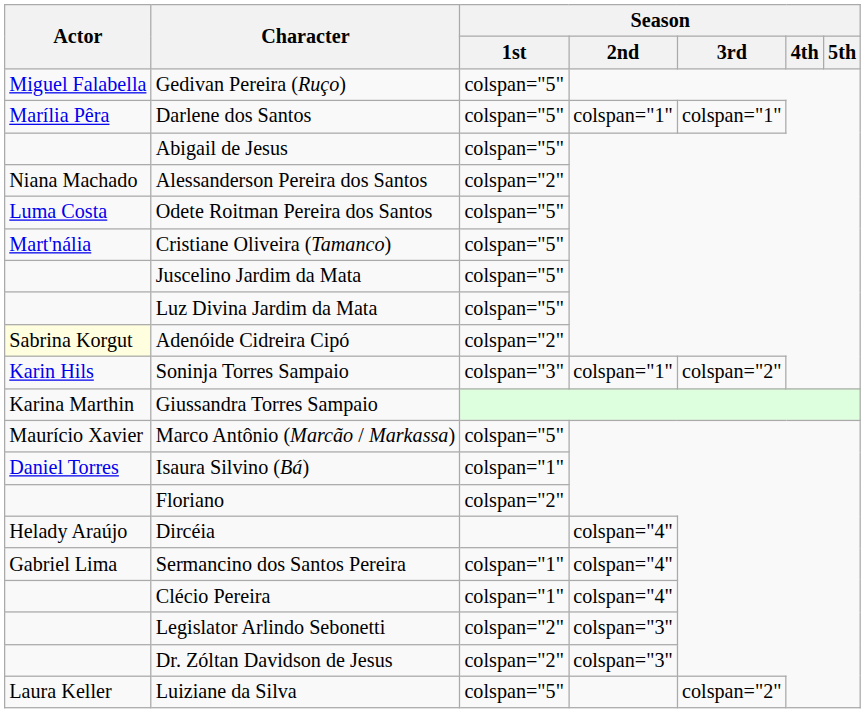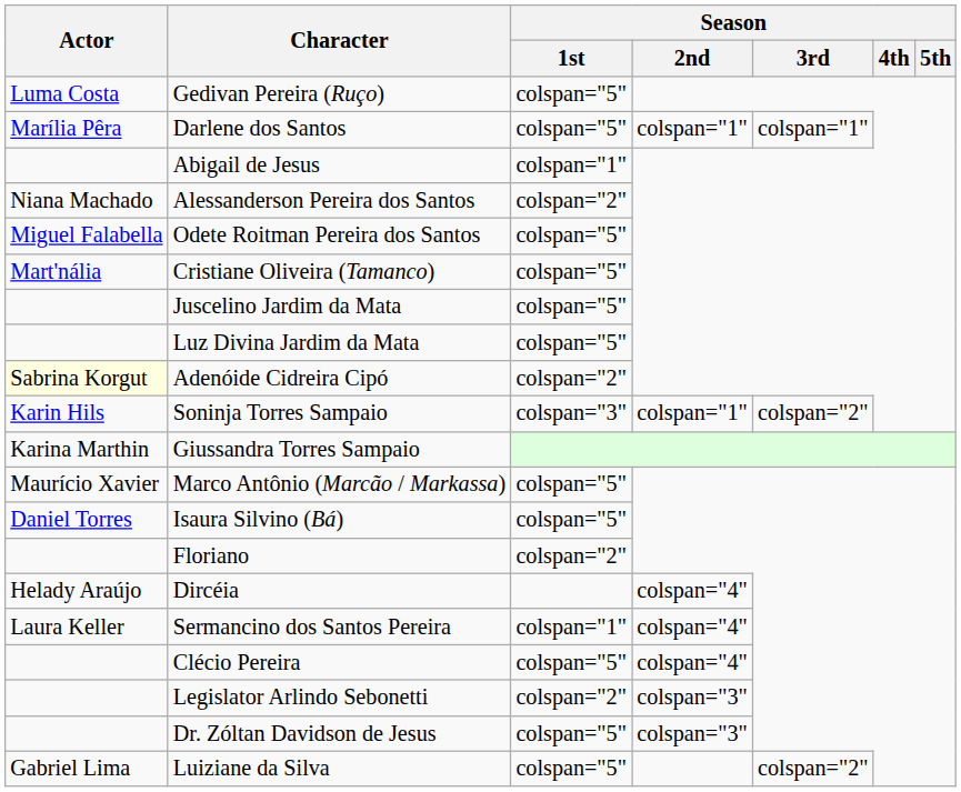 <table class="wikitable">
 <tr>
 <th rowspan="2">Actor</th>
 <th rowspan="2">Character</th>
 <th colspan="5">Season</th>
 </tr>
 <tr>
 <th>1st<br></th>
 <th>2nd<br></th>
 <th>3rd<br></th>
 <th>4th<br></th>
 <th>5th<br></th>
 </tr>
 <tr>
-<td><a href='#'>Miguel Falabella</a></td>
+<td><a href='#'>Luma Costa</a></td>
 <td>Gedivan Pereira (<em>Ruço</em>)</td>
 <td>colspan="5" </td>
 </tr>
 <tr>
 <td><a href='#'>Marília Pêra</a></td>
 <td>Darlene dos Santos</td>
 <td>colspan="5" </td>
 <td>colspan="1" </td>
 <td>colspan="1" </td>
 </tr>
 <tr>
 <td></td>
 <td>Abigail de Jesus</td>
-<td>colspan="5" </td>
+<td>colspan="1" </td>
 </tr>
 <tr>
 <td>Niana Machado</td>
 <td>Alessanderson Pereira dos Santos</td>
 <td>colspan="2" </td>
 </tr>
 <tr>
-<td><a href='#'>Luma Costa</a></td>
+<td><a href='#'>Miguel Falabella</a></td>
 <td>Odete Roitman Pereira dos Santos</td>
 <td>colspan="5" </td>
 </tr>
 <tr>
 <td><a href='#'>Mart'nália</a></td>
 <td>Cristiane Oliveira (<em>Tamanco</em>)</td>
 <td>colspan="5" </td>
 </tr>
 <tr>
 <td></td>
 <td>Juscelino Jardim da Mata</td>
 <td>colspan="5" </td>
 </tr>
 <tr>
 <td></td>
 <td>Luz Divina Jardim da Mata</td>
 <td>colspan="5" </td>
 </tr>
 <tr>
 <td style="background: lightyellow;">Sabrina Korgut</td>
 <td>Adenóide Cidreira Cipó</td>
 <td>colspan="2" </td>
 </tr>
 <tr>
 <td><a href='#'>Karin Hils</a></td>
 <td>Soninja Torres Sampaio</td>
 <td>colspan="3" </td>
 <td>colspan="1" </td>
 <td>colspan="2" </td>
 </tr>
 <tr>
 <td>Karina Marthin</td>
 <td>Giussandra Torres Sampaio</td>
 <td colspan="5" style="background: #ddffdd" align="center"></td>
 </tr>
 <tr>
 <td>Maurício Xavier</td>
 <td>Marco Antônio (<em>Marcão</em> / <em>Markassa</em>)</td>
 <td>colspan="5" </td>
 </tr>
 <tr>
 <td><a href='#'>Daniel Torres</a></td>
 <td>Isaura Silvino (<em>Bá</em>)</td>
-<td>colspan="1" </td>
+<td>colspan="5" </td>
 </tr>
 <tr>
 <td></td>
 <td>Floriano</td>
 <td>colspan="2" </td>
 </tr>
 <tr>
 <td>Helady Araújo</td>
 <td>Dircéia</td>
 <td></td>
 <td>colspan="4" </td>
 </tr>
 <tr>
-<td>Gabriel Lima</td>
+<td>Laura Keller</td>
 <td>Sermancino dos Santos Pereira</td>
 <td>colspan="1" </td>
 <td>colspan="4" </td>
 </tr>
 <tr>
 <td></td>
 <td>Clécio Pereira</td>
-<td>colspan="1" </td>
+<td>colspan="5" </td>
 <td>colspan="4" </td>
 </tr>
 <tr>
 <td></td>
 <td>Legislator Arlindo Sebonetti</td>
 <td>colspan="2" </td>
 <td>colspan="3" </td>
 </tr>
 <tr>
 <td></td>
 <td>Dr. Zóltan Davidson de Jesus</td>
-<td>colspan="2" </td>
+<td>colspan="5" </td>
 <td>colspan="3" </td>
 </tr>
 <tr>
-<td>Laura Keller</td>
+<td>Gabriel Lima</td>
 <td>Luiziane da Silva</td>
 <td>colspan="5" </td>
 <td></td>
 <td>colspan="2" </td>
 </tr>
 </table>
